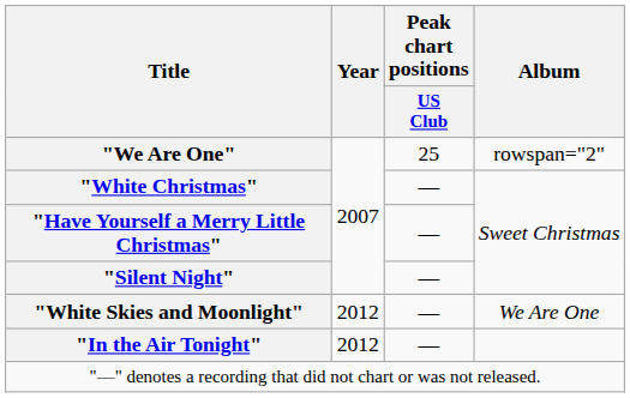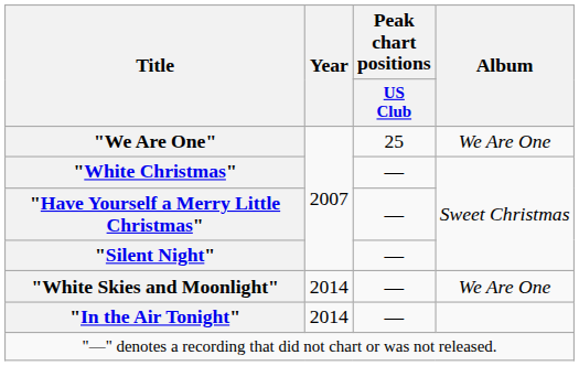 <table class="wikitable plainrowheaders" style="text-align:center;">
 <tr>
 <th scope="col" rowspan="2" style="width:15em;">Title</th>
 <th scope="col" rowspan="2" style="width:1em;">Year</th>
 <th scope="col">Peak chart positions</th>
 <th scope="col" rowspan="2">Album</th>
 </tr>
 <tr>
 <th scope="col" style="width:3em;font-size:85%;"><a href='#'>US<br>Club</a><br></th>
 </tr>
 <tr>
 <th scope="row">"We Are One"</th>
 <td rowspan="4">2007</td>
 <td>25</td>
-<td>rowspan="2" </td>
+<td><em>We Are One</em></td>
 </tr>
 <tr>
 <th scope="row">"<a href='#'>White Christmas</a>"<br> </th>
 <td>—</td>
 <td rowspan="3"><em>Sweet Christmas</em></td>
 </tr>
 <tr>
 <th scope="row">"<a href='#'>Have Yourself a Merry Little Christmas</a>"</th>
 <td>—</td>
 </tr>
 <tr>
 <th scope="row">"<a href='#'>Silent Night</a>"</th>
 <td>—</td>
 </tr>
 <tr>
 <th scope="row">"White Skies and Moonlight"</th>
-<td>2012</td>
+<td>2014</td>
 <td>—</td>
 <td><em>We Are One</em></td>
 </tr>
 <tr>
 <th scope="row">"<a href='#'>In the Air Tonight</a>"</th>
-<td>2012</td>
+<td>2014</td>
 <td>—</td>
 </tr>
 <tr>
 <td colspan="4" style="font-size:85%">"—" denotes a recording that did not chart or was not released.</td>
 </tr>
 </table>
